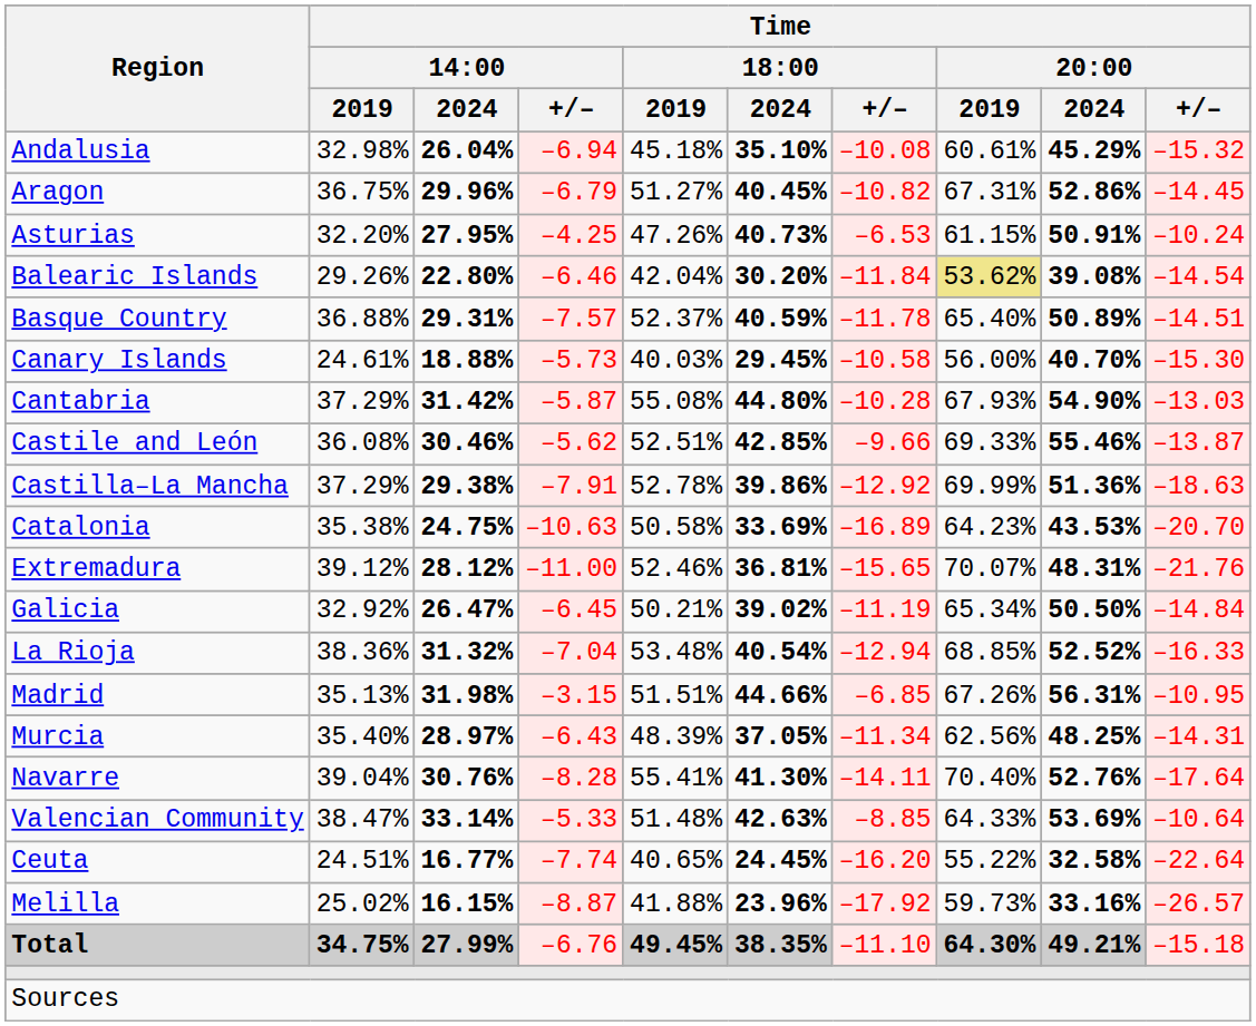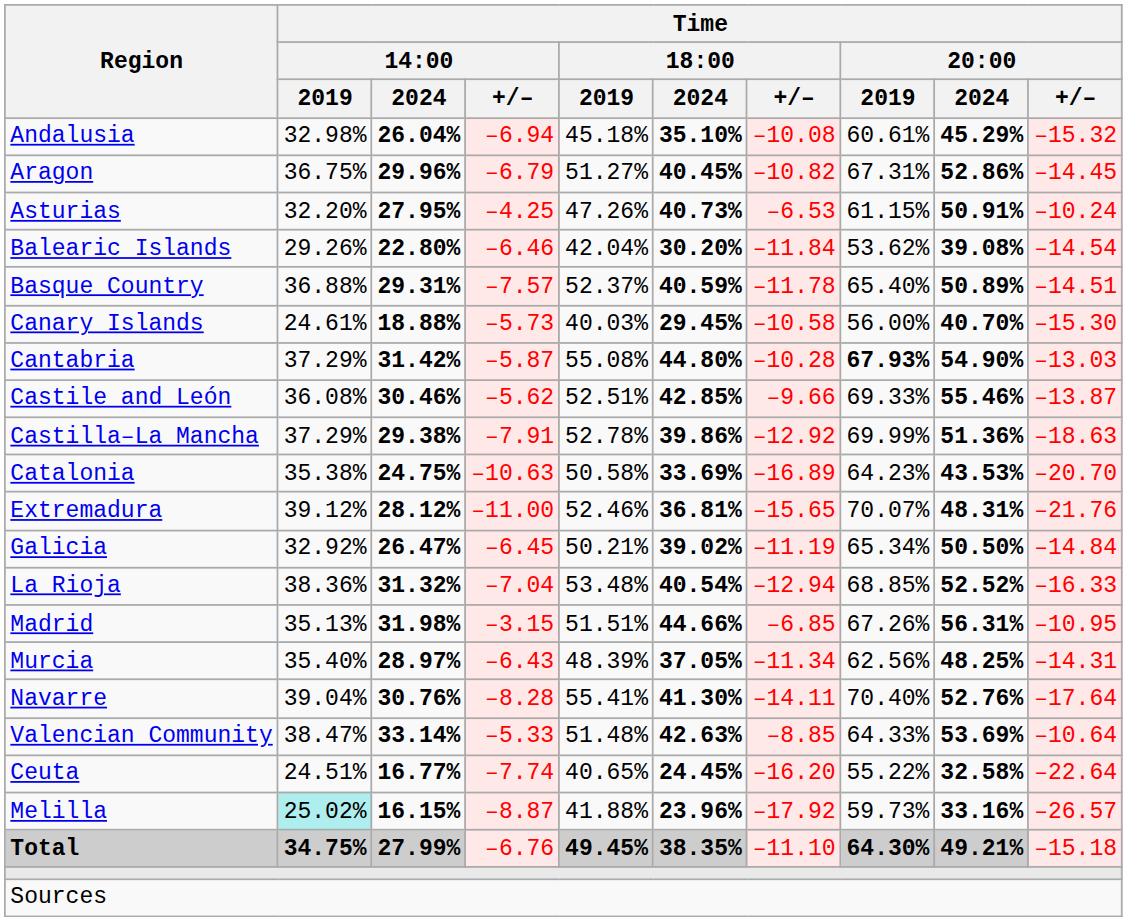 <table class="wikitable sortable" style="text-align:right;">
 <tr>
 <th rowspan="3">Region</th>
 <th colspan="9">Time</th>
 </tr>
 <tr>
 <th colspan="3">14:00</th>
 <th colspan="3">18:00</th>
 <th colspan="3">20:00</th>
 </tr>
 <tr>
 <th>2019</th>
 <th>2024</th>
 <th>+/–</th>
 <th>2019</th>
 <th>2024</th>
 <th>+/–</th>
 <th>2019</th>
 <th>2024</th>
 <th>+/–</th>
 </tr>
 <tr>
 <td align="left"><a href='#'>Andalusia</a></td>
 <td>32.98%</td>
 <td><strong>26.04%</strong></td>
 <td style="background:#FFE8E8; color:red;">–6.94</td>
 <td>45.18%</td>
 <td><strong>35.10%</strong></td>
 <td style="background:#FFE8E8; color:red;">–10.08</td>
 <td>60.61%</td>
 <td><strong>45.29%</strong></td>
 <td style="background:#FFE8E8; color:red;">–15.32</td>
 </tr>
 <tr>
 <td align="left"><a href='#'>Aragon</a></td>
 <td>36.75%</td>
 <td><strong>29.96%</strong></td>
 <td style="background:#FFE8E8; color:red;">–6.79</td>
 <td>51.27%</td>
 <td><strong>40.45%</strong></td>
 <td style="background:#FFE8E8; color:red;">–10.82</td>
 <td>67.31%</td>
 <td><strong>52.86%</strong></td>
 <td style="background:#FFE8E8; color:red;">–14.45</td>
 </tr>
 <tr>
 <td align="left"><a href='#'>Asturias</a></td>
 <td>32.20%</td>
 <td><strong>27.95%</strong></td>
 <td style="background:#FFE8E8; color:red;">–4.25</td>
 <td>47.26%</td>
 <td><strong>40.73%</strong></td>
 <td style="background:#FFE8E8; color:red;">–6.53</td>
 <td>61.15%</td>
 <td><strong>50.91%</strong></td>
 <td style="background:#FFE8E8; color:red;">–10.24</td>
 </tr>
 <tr>
 <td align="left"><a href='#'>Balearic Islands</a></td>
 <td>29.26%</td>
 <td><strong>22.80%</strong></td>
 <td style="background:#FFE8E8; color:red;">–6.46</td>
 <td>42.04%</td>
 <td><strong>30.20%</strong></td>
 <td style="background:#FFE8E8; color:red;">–11.84</td>
-<td style="background: khaki;">53.62%</td>
+<td>53.62%</td>
 <td><strong>39.08%</strong></td>
 <td style="background:#FFE8E8; color:red;">–14.54</td>
 </tr>
 <tr>
 <td align="left"><a href='#'>Basque Country</a></td>
 <td>36.88%</td>
 <td><strong>29.31%</strong></td>
 <td style="background:#FFE8E8; color:red;">–7.57</td>
 <td>52.37%</td>
 <td><strong>40.59%</strong></td>
 <td style="background:#FFE8E8; color:red;">–11.78</td>
 <td>65.40%</td>
 <td><strong>50.89%</strong></td>
 <td style="background:#FFE8E8; color:red;">–14.51</td>
 </tr>
 <tr>
 <td align="left"><a href='#'>Canary Islands</a></td>
 <td>24.61%</td>
 <td><strong>18.88%</strong></td>
 <td style="background:#FFE8E8; color:red;">–5.73</td>
 <td>40.03%</td>
 <td><strong>29.45%</strong></td>
 <td style="background:#FFE8E8; color:red;">–10.58</td>
 <td>56.00%</td>
 <td><strong>40.70%</strong></td>
 <td style="background:#FFE8E8; color:red;">–15.30</td>
 </tr>
 <tr>
 <td align="left"><a href='#'>Cantabria</a></td>
 <td>37.29%</td>
 <td><strong>31.42%</strong></td>
 <td style="background:#FFE8E8; color:red;">–5.87</td>
 <td>55.08%</td>
 <td><strong>44.80%</strong></td>
 <td style="background:#FFE8E8; color:red;">–10.28</td>
-<td>67.93%</td>
+<td><strong>67.93%</strong></td>
 <td><strong>54.90%</strong></td>
 <td style="background:#FFE8E8; color:red;">–13.03</td>
 </tr>
 <tr>
 <td align="left"><a href='#'>Castile and León</a></td>
 <td>36.08%</td>
 <td><strong>30.46%</strong></td>
 <td style="background:#FFE8E8; color:red;">–5.62</td>
 <td>52.51%</td>
 <td><strong>42.85%</strong></td>
 <td style="background:#FFE8E8; color:red;">–9.66</td>
 <td>69.33%</td>
 <td><strong>55.46%</strong></td>
 <td style="background:#FFE8E8; color:red;">–13.87</td>
 </tr>
 <tr>
 <td align="left"><a href='#'>Castilla–La Mancha</a></td>
 <td>37.29%</td>
 <td><strong>29.38%</strong></td>
 <td style="background:#FFE8E8; color:red;">–7.91</td>
 <td>52.78%</td>
 <td><strong>39.86%</strong></td>
 <td style="background:#FFE8E8; color:red;">–12.92</td>
 <td>69.99%</td>
 <td><strong>51.36%</strong></td>
 <td style="background:#FFE8E8; color:red;">–18.63</td>
 </tr>
 <tr>
 <td align="left"><a href='#'>Catalonia</a></td>
 <td>35.38%</td>
 <td><strong>24.75%</strong></td>
 <td style="background:#FFE8E8; color:red;">–10.63</td>
 <td>50.58%</td>
 <td><strong>33.69%</strong></td>
 <td style="background:#FFE8E8; color:red;">–16.89</td>
 <td>64.23%</td>
 <td><strong>43.53%</strong></td>
 <td style="background:#FFE8E8; color:red;">–20.70</td>
 </tr>
 <tr>
 <td align="left"><a href='#'>Extremadura</a></td>
 <td>39.12%</td>
 <td><strong>28.12%</strong></td>
 <td style="background:#FFE8E8; color:red;">–11.00</td>
 <td>52.46%</td>
 <td><strong>36.81%</strong></td>
 <td style="background:#FFE8E8; color:red;">–15.65</td>
 <td>70.07%</td>
 <td><strong>48.31%</strong></td>
 <td style="background:#FFE8E8; color:red;">–21.76</td>
 </tr>
 <tr>
 <td align="left"><a href='#'>Galicia</a></td>
 <td>32.92%</td>
 <td><strong>26.47%</strong></td>
 <td style="background:#FFE8E8; color:red;">–6.45</td>
 <td>50.21%</td>
 <td><strong>39.02%</strong></td>
 <td style="background:#FFE8E8; color:red;">–11.19</td>
 <td>65.34%</td>
 <td><strong>50.50%</strong></td>
 <td style="background:#FFE8E8; color:red;">–14.84</td>
 </tr>
 <tr>
 <td align="left"><a href='#'>La Rioja</a></td>
 <td>38.36%</td>
 <td><strong>31.32%</strong></td>
 <td style="background:#FFE8E8; color:red;">–7.04</td>
 <td>53.48%</td>
 <td><strong>40.54%</strong></td>
 <td style="background:#FFE8E8; color:red;">–12.94</td>
 <td>68.85%</td>
 <td><strong>52.52%</strong></td>
 <td style="background:#FFE8E8; color:red;">–16.33</td>
 </tr>
 <tr>
 <td align="left"><a href='#'>Madrid</a></td>
 <td>35.13%</td>
 <td><strong>31.98%</strong></td>
 <td style="background:#FFE8E8; color:red;">–3.15</td>
 <td>51.51%</td>
 <td><strong>44.66%</strong></td>
 <td style="background:#FFE8E8; color:red;">–6.85</td>
 <td>67.26%</td>
 <td><strong>56.31%</strong></td>
 <td style="background:#FFE8E8; color:red;">–10.95</td>
 </tr>
 <tr>
 <td align="left"><a href='#'>Murcia</a></td>
 <td>35.40%</td>
 <td><strong>28.97%</strong></td>
 <td style="background:#FFE8E8; color:red;">–6.43</td>
 <td>48.39%</td>
 <td><strong>37.05%</strong></td>
 <td style="background:#FFE8E8; color:red;">–11.34</td>
 <td>62.56%</td>
 <td><strong>48.25%</strong></td>
 <td style="background:#FFE8E8; color:red;">–14.31</td>
 </tr>
 <tr>
 <td align="left"><a href='#'>Navarre</a></td>
 <td>39.04%</td>
 <td><strong>30.76%</strong></td>
 <td style="background:#FFE8E8; color:red;">–8.28</td>
 <td>55.41%</td>
 <td><strong>41.30%</strong></td>
 <td style="background:#FFE8E8; color:red;">–14.11</td>
 <td>70.40%</td>
 <td><strong>52.76%</strong></td>
 <td style="background:#FFE8E8; color:red;">–17.64</td>
 </tr>
 <tr>
 <td align="left"><a href='#'>Valencian Community</a></td>
 <td>38.47%</td>
 <td><strong>33.14%</strong></td>
 <td style="background:#FFE8E8; color:red;">–5.33</td>
 <td>51.48%</td>
 <td><strong>42.63%</strong></td>
 <td style="background:#FFE8E8; color:red;">–8.85</td>
 <td>64.33%</td>
 <td><strong>53.69%</strong></td>
 <td style="background:#FFE8E8; color:red;">–10.64</td>
 </tr>
 <tr>
 <td align="left"><a href='#'>Ceuta</a></td>
 <td>24.51%</td>
 <td><strong>16.77%</strong></td>
 <td style="background:#FFE8E8; color:red;">–7.74</td>
 <td>40.65%</td>
 <td><strong>24.45%</strong></td>
 <td style="background:#FFE8E8; color:red;">–16.20</td>
 <td>55.22%</td>
 <td><strong>32.58%</strong></td>
 <td style="background:#FFE8E8; color:red;">–22.64</td>
 </tr>
 <tr>
 <td align="left"><a href='#'>Melilla</a></td>
-<td>25.02%</td>
+<td style="background: paleturquoise;">25.02%</td>
 <td><strong>16.15%</strong></td>
 <td style="background:#FFE8E8; color:red;">–8.87</td>
 <td>41.88%</td>
 <td><strong>23.96%</strong></td>
 <td style="background:#FFE8E8; color:red;">–17.92</td>
 <td>59.73%</td>
 <td><strong>33.16%</strong></td>
 <td style="background:#FFE8E8; color:red;">–26.57</td>
 </tr>
 <tr style="background:#CDCDCD;">
 <td align="left"><strong>Total</strong></td>
 <td><strong>34.75%</strong></td>
 <td><strong>27.99%</strong></td>
 <td style="background:#FFE8E8; color:red;">–6.76</td>
 <td><strong>49.45%</strong></td>
 <td><strong>38.35%</strong></td>
 <td style="background:#FFE8E8; color:red;">–11.10</td>
 <td><strong>64.30%</strong></td>
 <td><strong>49.21%</strong></td>
 <td style="background:#FFE8E8; color:red;">–15.18</td>
 </tr>
 <tr>
 <td colspan="10" bgcolor="#E9E9E9"></td>
 </tr>
 <tr>
 <td align="left" colspan="10">Sources</td>
 </tr>
 </table>
